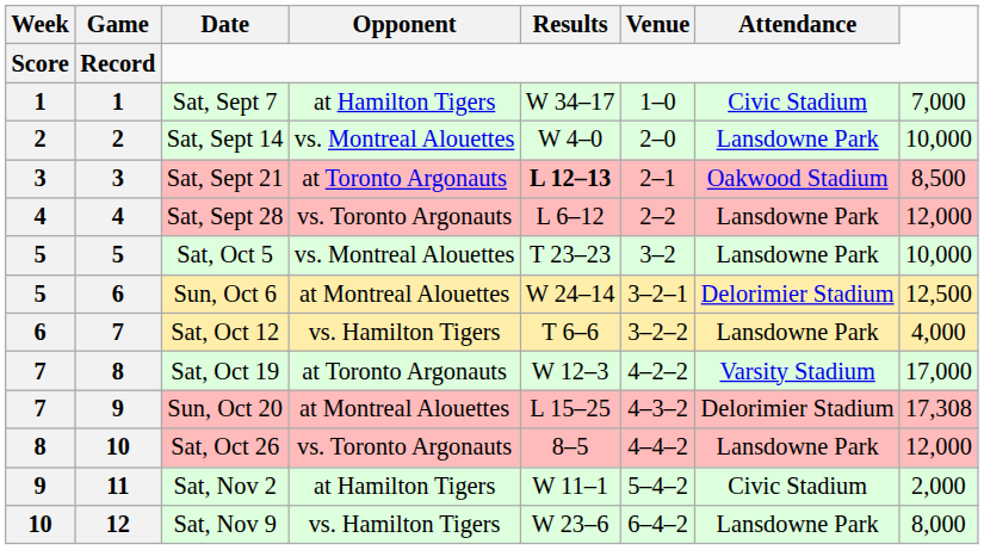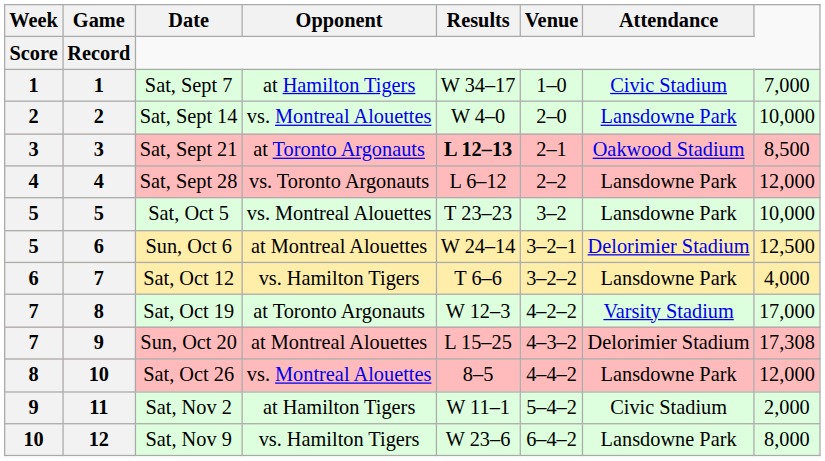 <table class="wikitable" style="text-align:center">
 <tr>
 <th>Week</th>
 <th>Game</th>
 <th>Date</th>
 <th>Opponent</th>
 <th>Results</th>
 <th>Venue</th>
 <th>Attendance</th>
 </tr>
 <tr>
 <th>Score</th>
 <th>Record</th>
 </tr>
 <tr style="background:#ddffdd">
 <th>1</th>
 <th>1</th>
 <td>Sat, Sept 7</td>
 <td>at <a href='#'>Hamilton Tigers</a></td>
 <td>W 34–17</td>
 <td>1–0</td>
 <td><a href='#'>Civic Stadium</a></td>
 <td>7,000</td>
 </tr>
 <tr style="background:#ddffdd">
 <th>2</th>
 <th>2</th>
 <td>Sat, Sept 14</td>
 <td>vs. <a href='#'>Montreal Alouettes</a></td>
 <td>W 4–0</td>
 <td>2–0</td>
 <td><a href='#'>Lansdowne Park</a></td>
 <td>10,000</td>
 </tr>
 <tr style="background:#ffbbbb">
 <th>3</th>
 <th>3</th>
 <td>Sat, Sept 21</td>
 <td>at <a href='#'>Toronto Argonauts</a></td>
 <td><strong>L 12–13</strong></td>
 <td>2–1</td>
 <td><a href='#'>Oakwood Stadium</a></td>
 <td>8,500</td>
 </tr>
 <tr style="background:#ffbbbb">
 <th>4</th>
 <th>4</th>
 <td>Sat, Sept 28</td>
 <td>vs. Toronto Argonauts</td>
 <td>L 6–12</td>
 <td>2–2</td>
 <td>Lansdowne Park</td>
 <td>12,000</td>
 </tr>
 <tr style="background:#ddffdd">
 <th>5</th>
 <th>5</th>
 <td>Sat, Oct 5</td>
 <td>vs. Montreal Alouettes</td>
 <td>T 23–23</td>
 <td>3–2</td>
 <td>Lansdowne Park</td>
 <td>10,000</td>
 </tr>
 <tr style="background:#ffeeaa">
 <th>5</th>
 <th>6</th>
 <td>Sun, Oct 6</td>
 <td>at Montreal Alouettes</td>
 <td>W 24–14</td>
 <td>3–2–1</td>
 <td><a href='#'>Delorimier Stadium</a></td>
 <td>12,500</td>
 </tr>
 <tr style="background:#ffeeaa">
 <th>6</th>
 <th>7</th>
 <td>Sat, Oct 12</td>
 <td>vs. Hamilton Tigers</td>
 <td>T 6–6</td>
 <td>3–2–2</td>
 <td>Lansdowne Park</td>
 <td>4,000</td>
 </tr>
 <tr style="background:#ddffdd">
 <th>7</th>
 <th>8</th>
 <td>Sat, Oct 19</td>
 <td>at Toronto Argonauts</td>
 <td>W 12–3</td>
 <td>4–2–2</td>
 <td><a href='#'>Varsity Stadium</a></td>
 <td>17,000</td>
 </tr>
 <tr style="background:#ffbbbb">
 <th>7</th>
 <th>9</th>
 <td>Sun, Oct 20</td>
 <td>at Montreal Alouettes</td>
 <td>L 15–25</td>
 <td>4–3–2</td>
 <td>Delorimier Stadium</td>
 <td>17,308</td>
 </tr>
 <tr style="background:#ffbbbb">
 <th>8</th>
 <th>10</th>
 <td>Sat, Oct 26</td>
-<td>vs. Toronto Argonauts</td>
+<td>vs. <a href='#'>Montreal Alouettes</a></td>
 <td>8–5</td>
 <td>4–4–2</td>
 <td>Lansdowne Park</td>
 <td>12,000</td>
 </tr>
 <tr style="background:#ddffdd">
 <th>9</th>
 <th>11</th>
 <td>Sat, Nov 2</td>
 <td>at Hamilton Tigers</td>
 <td>W 11–1</td>
 <td>5–4–2</td>
 <td>Civic Stadium</td>
 <td>2,000</td>
 </tr>
 <tr style="background:#ddffdd">
 <th>10</th>
 <th>12</th>
 <td>Sat, Nov 9</td>
 <td>vs. Hamilton Tigers</td>
 <td>W 23–6</td>
 <td>6–4–2</td>
 <td>Lansdowne Park</td>
 <td>8,000</td>
 </tr>
 </table>
